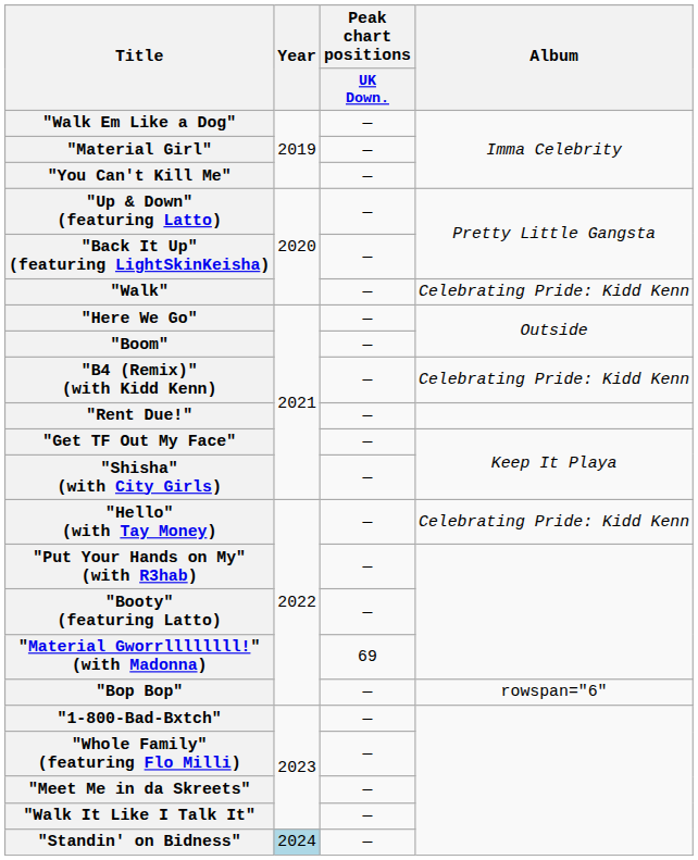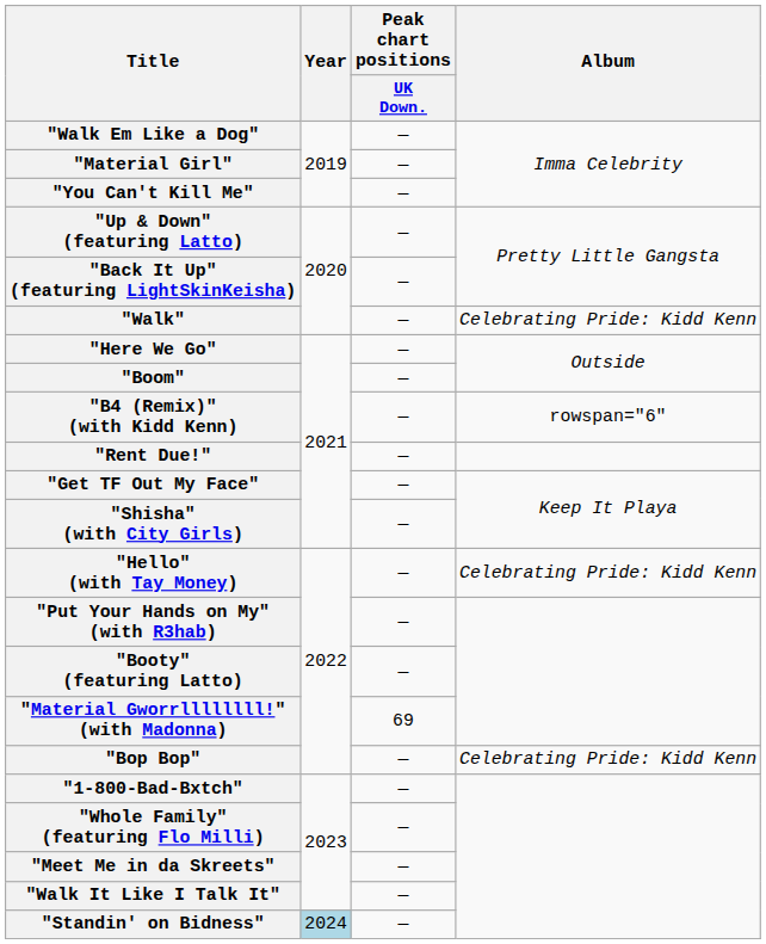 <table class="wikitable plainrowheaders" style="text-align:center;">
 <tr>
 <th scope="col" rowspan="2">Title</th>
 <th scope="col" rowspan="2">Year</th>
 <th scope="col" colspan="1">Peak chart positions</th>
 <th scope="col" rowspan="2">Album</th>
 </tr>
 <tr>
 <th scope="col" style="width:2.75em; font-size:90%;"><a href='#'>UK<br>Down.</a><br></th>
 </tr>
 <tr>
 <th scope="row">"Walk Em Like a Dog"</th>
 <td rowspan="3">2019</td>
 <td>—</td>
 <td rowspan="3"><em>Imma Celebrity</em></td>
 </tr>
 <tr>
 <th scope="row">"Material Girl"</th>
 <td>—</td>
 </tr>
 <tr>
 <th scope="row">"You Can't Kill Me"</th>
 <td>—</td>
 </tr>
 <tr>
 <th scope="row">"Up & Down"<br><span>(featuring <a href='#'>Latto</a>)</span></th>
 <td rowspan="3">2020</td>
 <td>—</td>
 <td rowspan="2"><em>Pretty Little Gangsta</em></td>
 </tr>
 <tr>
 <th scope="row">"Back It Up"<br><span>(featuring <a href='#'>LightSkinKeisha</a>)</span></th>
 <td>—</td>
 </tr>
 <tr>
 <th scope="row">"Walk"</th>
 <td>—</td>
 <td><em>Celebrating Pride: Kidd Kenn</em></td>
 </tr>
 <tr>
 <th scope="row">"Here We Go"</th>
 <td rowspan="6">2021</td>
 <td>—</td>
 <td rowspan="2"><em>Outside</em></td>
 </tr>
 <tr>
 <th scope="row">"Boom"</th>
 <td>—</td>
 </tr>
 <tr>
 <th scope="row">"B4 (Remix)"<br><span>(with Kidd Kenn)</span></th>
 <td>—</td>
-<td><em>Celebrating Pride: Kidd Kenn</em></td>
+<td>rowspan="6" </td>
 </tr>
 <tr>
 <th scope="row">"Rent Due!"</th>
 <td>—</td>
 <td></td>
 </tr>
 <tr>
 <th scope="row">"Get TF Out My Face"</th>
 <td>—</td>
 <td rowspan="2"><em>Keep It Playa</em></td>
 </tr>
 <tr>
 <th scope="row">"Shisha"<br><span>(with <a href='#'>City Girls</a>)</span></th>
 <td>—</td>
 </tr>
 <tr>
 <th scope="row">"Hello"<br><span>(with <a href='#'>Tay Money</a>)</span></th>
 <td rowspan="5">2022</td>
 <td>—</td>
 <td><em>Celebrating Pride: Kidd Kenn</em></td>
 </tr>
 <tr>
 <th scope="row">"Put Your Hands on My"<br><span>(with <a href='#'>R3hab</a>)</span></th>
 <td>—</td>
 </tr>
 <tr>
 <th scope="row">"Booty"<br><span>(featuring Latto)</span></th>
 <td>—</td>
 </tr>
 <tr>
 <th scope="row">"<a href='#'>Material Gworrllllllll!</a>"<br><span>(with <a href='#'>Madonna</a>)</span></th>
 <td>69</td>
 </tr>
 <tr>
 <th scope="row">"Bop Bop"</th>
 <td>—</td>
-<td>rowspan="6" </td>
+<td><em>Celebrating Pride: Kidd Kenn</em></td>
 </tr>
 <tr>
 <th scope="row">"1-800-Bad-Bxtch"</th>
 <td rowspan="4">2023</td>
 <td>—</td>
 </tr>
 <tr>
 <th scope="row">"Whole Family"<br><span>(featuring <a href='#'>Flo Milli</a>)</span></th>
 <td>—</td>
 </tr>
 <tr>
 <th scope="row">"Meet Me in da Skreets"</th>
 <td>—</td>
 </tr>
 <tr>
 <th scope="row">"Walk It Like I Talk It"</th>
 <td>—</td>
 </tr>
 <tr>
 <th scope="row">"Standin' on Bidness"</th>
 <td style="background: lightblue;">2024</td>
 <td>—</td>
 </tr>
 </table>
